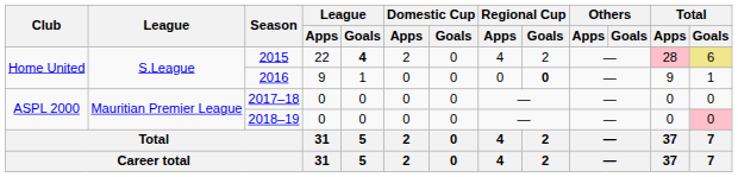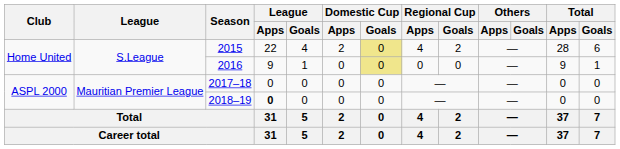 <table style="text-align: center;" class="wikitable">
 <tr>
 <th rowspan="2">Club</th>
 <th rowspan="2">League</th>
 <th rowspan="2">Season</th>
 <th colspan="2">League</th>
 <th colspan="2">Domestic Cup</th>
 <th colspan="2">Regional Cup</th>
 <th colspan="2">Others</th>
 <th colspan="2">Total</th>
 </tr>
 <tr>
 <th>Apps</th>
 <th>Goals</th>
 <th>Apps</th>
 <th>Goals</th>
 <th>Apps</th>
 <th>Goals</th>
 <th>Apps</th>
 <th>Goals</th>
 <th>Apps</th>
 <th>Goals</th>
 </tr>
 <tr>
 <td rowspan="2"><a href='#'>Home United</a></td>
 <td rowspan="2"><a href='#'>S.League</a></td>
 <td><a href='#'>2015</a></td>
 <td>22</td>
-<td><strong>4</strong></td>
+<td>4</td>
 <td>2</td>
-<td>0</td>
+<td style="background: khaki;">0</td>
 <td>4</td>
 <td>2</td>
 <td colspan="2">—</td>
-<td style="background: pink;">28</td>
-<td style="background: khaki;">6</td>
+<td>28</td>
+<td>6</td>
 </tr>
 <tr>
 <td><a href='#'>2016</a></td>
 <td>9</td>
 <td>1</td>
 <td>0</td>
+<td style="background: khaki;">0</td>
 <td>0</td>
 <td>0</td>
-<td><strong>0</strong></td>
 <td colspan="2">—</td>
 <td>9</td>
 <td>1</td>
 </tr>
 <tr>
 <td rowspan="2"><a href='#'>ASPL 2000</a></td>
 <td rowspan="2"><a href='#'>Mauritian Premier League</a></td>
 <td><a href='#'>2017–18</a></td>
 <td>0</td>
 <td>0</td>
 <td>0</td>
 <td>0</td>
 <td colspan="2">—</td>
 <td colspan="2">—</td>
 <td>0</td>
 <td>0</td>
 </tr>
 <tr>
 <td><a href='#'>2018–19</a></td>
-<td>0</td>
+<td><strong>0</strong></td>
 <td>0</td>
 <td>0</td>
 <td>0</td>
 <td colspan="2">—</td>
 <td colspan="2">—</td>
 <td>0</td>
-<td style="background: pink;">0</td>
+<td>0</td>
 </tr>
 <tr>
 <th colspan="3">Total</th>
 <th>31</th>
 <th>5</th>
 <th>2</th>
 <th>0</th>
 <th>4</th>
 <th>2</th>
 <th colspan="2">—</th>
 <th>37</th>
 <th>7</th>
 </tr>
 <tr>
 <th colspan="3">Career total</th>
 <th>31</th>
 <th>5</th>
 <th>2</th>
 <th>0</th>
 <th>4</th>
 <th>2</th>
 <th colspan="2">—</th>
 <th>37</th>
 <th>7</th>
 </tr>
 </table>
